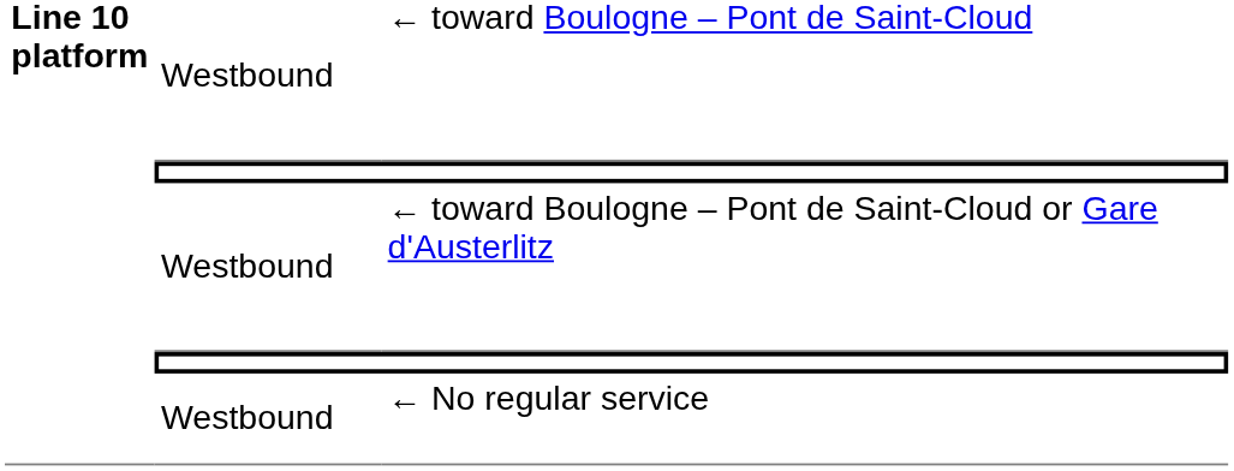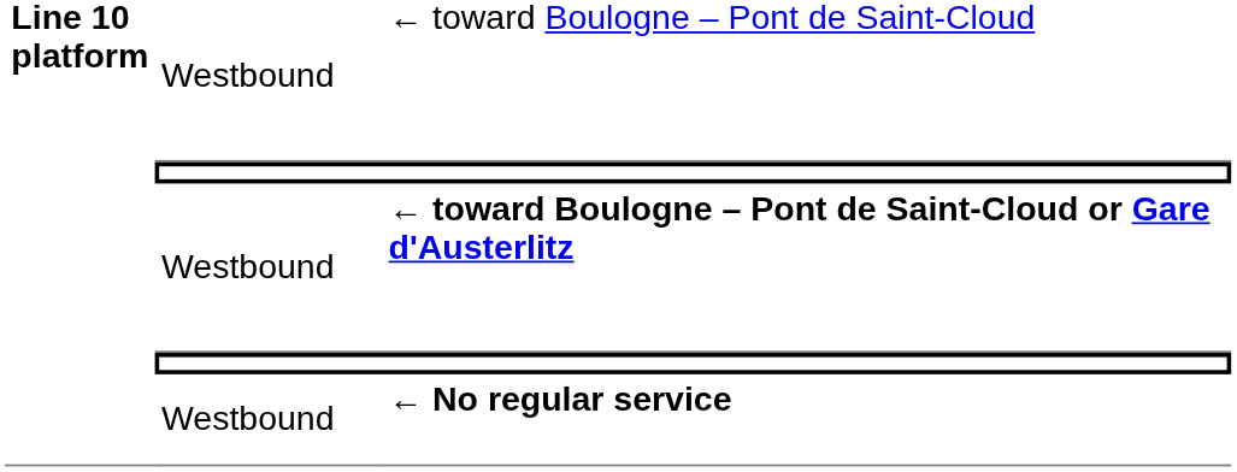 <table border=0 cellspacing=0 cellpadding=3>
 <tr>
 <td style="border-bottom:solid 1px gray;" width=50 rowspan=10 valign=top><strong>Line 10 platform</strong></td>
 <td style="border-bottom:solid 1px gray;" width=100>Westbound</td>
 <td style="border-bottom:solid 1px gray;" width=390>←   toward <a href='#'>Boulogne – Pont de Saint-Cloud</a> <br><br><br><br></td>
 </tr>
 <tr>
 <td style="border-top:solid 2px black;border-right:solid 2px black;border-left:solid 2px black;border-bottom:solid 2px black;text-align:center;" colspan=2></td>
 </tr>
 <tr>
 <td style="border-bottom:solid 1px gray;" width=100>Westbound</td>
-<td style="border-bottom:solid 1px gray;" width=390>←   toward Boulogne – Pont de Saint-Cloud  or <a href='#'>Gare d'Austerlitz</a> <br><br><br></td>
+<td style="border-bottom:solid 1px gray;" width=390><strong>←   toward Boulogne – Pont de Saint-Cloud  or <a href='#'>Gare d'Austerlitz</a> <br><br><br></strong></td>
 </tr>
 <tr>
 <td style="border-top:solid 2px black;border-right:solid 2px black;border-left:solid 2px black;border-bottom:solid 2px black;text-align:center;" colspan=2></td>
 </tr>
 <tr>
 <td style="border-bottom:solid 1px gray;" width=100>Westbound</td>
-<td style="border-bottom:solid 1px gray;" width=390>← No regular service<br><br></td>
+<td style="border-bottom:solid 1px gray;" width=390><strong>← No regular service<br><br></strong></td>
 </tr>
 </table>
